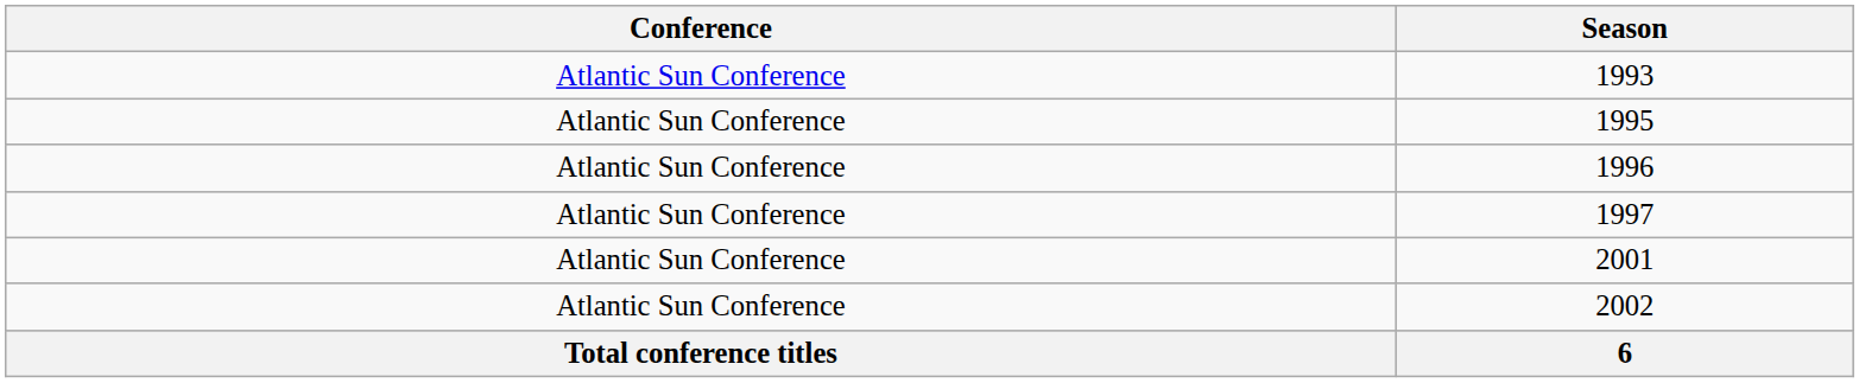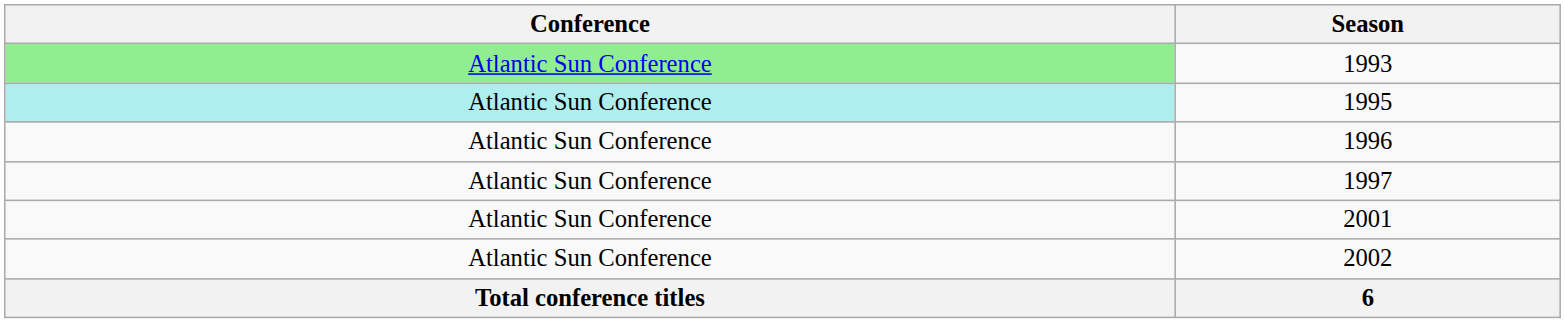 <table cellpadding="1" border="1" cellspacing="0" width="80%" class="wikitable">
 <tr>
 <th>Conference</th>
 <th>Season</th>
 </tr>
 <tr style="text-align:center">
-<td><a href='#'>Atlantic Sun Conference</a></td>
+<td style="background: lightgreen;"><a href='#'>Atlantic Sun Conference</a></td>
 <td>1993</td>
 </tr>
 <tr style="text-align:center">
-<td>Atlantic Sun Conference</td>
+<td style="background: paleturquoise;">Atlantic Sun Conference</td>
 <td>1995</td>
 </tr>
 <tr style="text-align:center">
 <td>Atlantic Sun Conference</td>
 <td>1996</td>
 </tr>
 <tr style="text-align:center">
 <td>Atlantic Sun Conference</td>
 <td>1997</td>
 </tr>
 <tr style="text-align:center">
 <td>Atlantic Sun Conference</td>
 <td>2001</td>
 </tr>
 <tr style="text-align:center">
 <td>Atlantic Sun Conference</td>
 <td>2002</td>
 </tr>
 <tr style="text-align:center" class="sortbottom">
 <th colspan=1;>Total conference titles</th>
 <th colspan=1;><strong>6</strong></th>
 </tr>
 </table>
